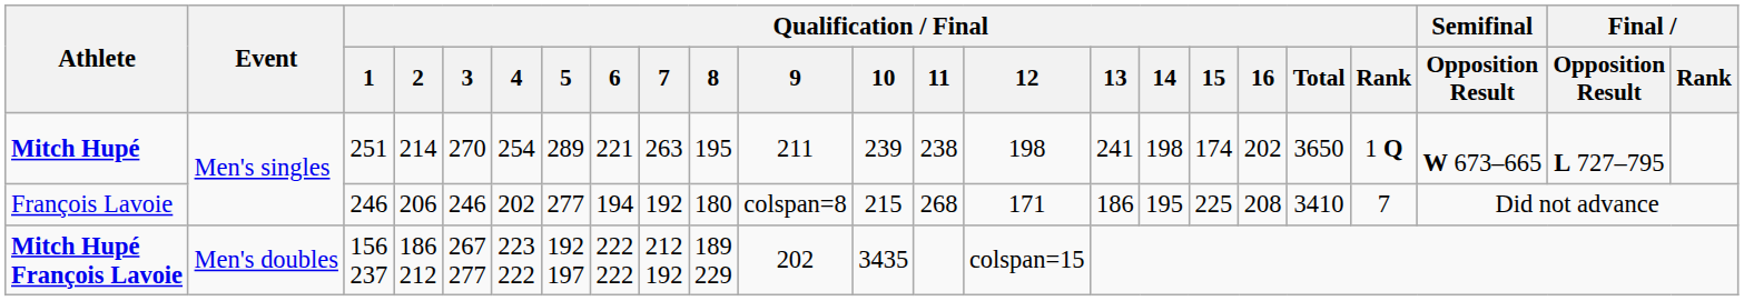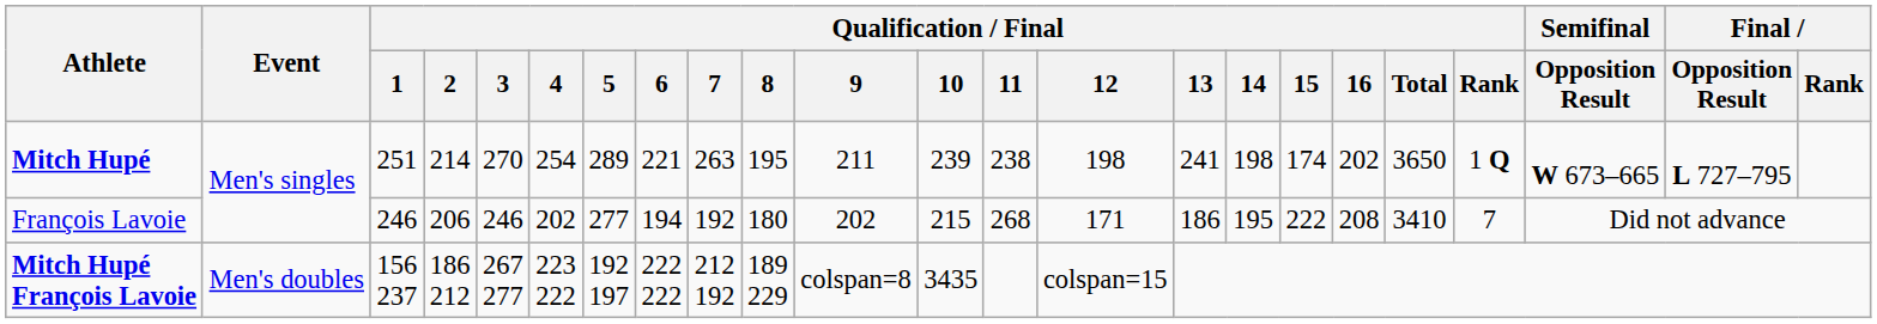 <table class=wikitable style=font-size:90%;text-align:center>
 <tr>
 <th rowspan=2>Athlete</th>
 <th rowspan=2>Event</th>
 <th colspan=18>Qualification / Final</th>
 <th>Semifinal</th>
 <th colspan=2>Final / </th>
 </tr>
 <tr style=font-size:95%>
 <th>1</th>
 <th>2</th>
 <th>3</th>
 <th>4</th>
 <th>5</th>
 <th>6</th>
 <th>7</th>
 <th>8</th>
 <th>9</th>
 <th>10</th>
 <th>11</th>
 <th>12</th>
 <th>13</th>
 <th>14</th>
 <th>15</th>
 <th>16</th>
 <th>Total</th>
 <th>Rank</th>
 <th>Opposition<br>Result</th>
 <th>Opposition<br>Result</th>
 <th>Rank</th>
 </tr>
 <tr>
 <td align=left><strong><a href='#'>Mitch Hupé</a></strong></td>
 <td align=left rowspan=2><a href='#'>Men's singles</a></td>
 <td>251</td>
 <td>214</td>
 <td>270</td>
 <td>254</td>
 <td>289</td>
 <td>221</td>
 <td>263</td>
 <td>195</td>
 <td>211</td>
 <td>239</td>
 <td>238</td>
 <td>198</td>
 <td>241</td>
 <td>198</td>
 <td>174</td>
 <td>202</td>
 <td>3650</td>
 <td>1 <strong>Q</strong></td>
 <td><br><strong>W</strong> 673–665</td>
 <td><br><strong>L</strong> 727–795</td>
 <td></td>
 </tr>
 <tr>
 <td align=left><a href='#'>François Lavoie</a></td>
 <td>246</td>
 <td>206</td>
 <td>246</td>
 <td>202</td>
 <td>277</td>
 <td>194</td>
 <td>192</td>
 <td>180</td>
-<td>colspan=8 </td>
+<td>202</td>
 <td>215</td>
 <td>268</td>
 <td>171</td>
 <td>186</td>
 <td>195</td>
-<td>225</td>
+<td>222</td>
 <td>208</td>
 <td>3410</td>
 <td>7</td>
 <td colspan=3>Did not advance</td>
 </tr>
 <tr>
 <td align=left><strong><a href='#'>Mitch Hupé</a><br><a href='#'>François Lavoie</a></strong></td>
 <td align=left><a href='#'>Men's doubles</a></td>
 <td>156<br>237</td>
 <td>186<br>212</td>
 <td>267<br>277</td>
 <td>223<br>222</td>
 <td>192<br>197</td>
 <td>222<br>222</td>
 <td>212<br>192</td>
 <td>189<br>229</td>
-<td>202</td>
+<td>colspan=8 </td>
 <td>3435</td>
 <td></td>
 <td>colspan=15 </td>
 </tr>
 </table>
